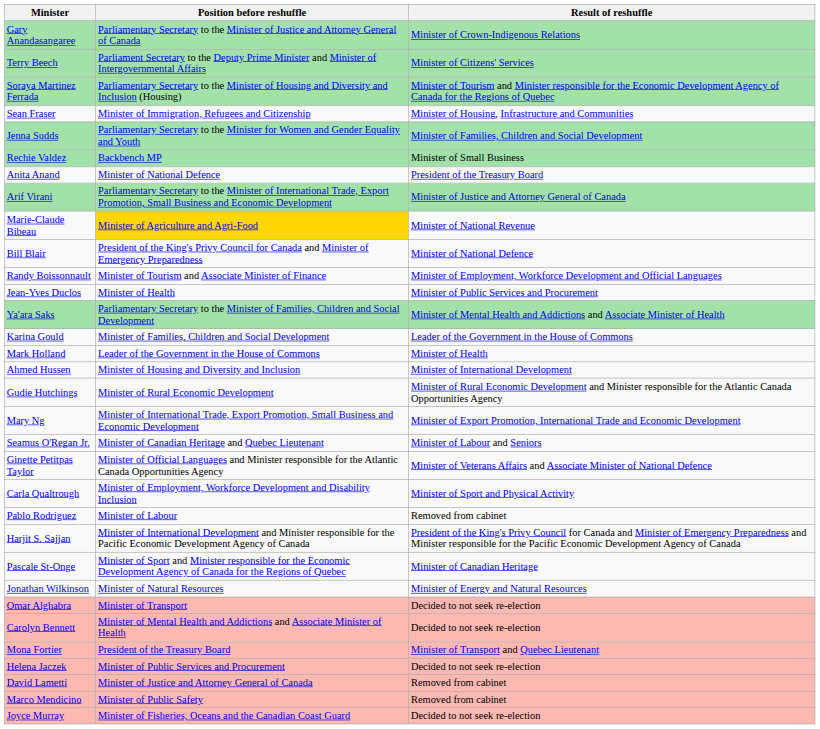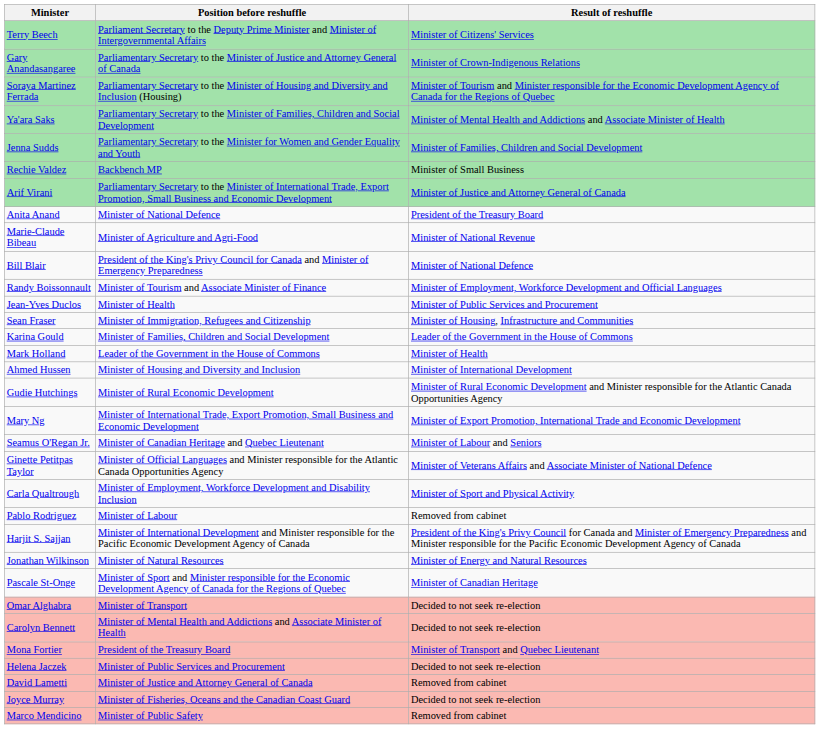 <table class="wikitable">
 <tr>
 <th>Minister</th>
 <th>Position before reshuffle</th>
 <th>Result of reshuffle</th>
 </tr>
 <tr style="background:#A2E2AA;">
+<td><a href='#'>Terry Beech</a></td>
+<td><a href='#'>Parliament Secretary</a> to the <a href='#'>Deputy Prime Minister</a> and <a href='#'>Minister of Intergovernmental Affairs</a></td>
+<td><a href='#'>Minister of Citizens' Services</a></td>
+</tr>
+<tr style="background:#A2E2AA;">
 <td><a href='#'>Gary Anandasangaree</a></td>
 <td><a href='#'>Parliamentary Secretary</a> to the <a href='#'>Minister of Justice and Attorney General of Canada</a></td>
 <td><a href='#'>Minister of Crown-Indigenous Relations</a></td>
-</tr>
-<tr style="background:#A2E2AA;">
-<td><a href='#'>Terry Beech</a></td>
-<td><a href='#'>Parliament Secretary</a> to the <a href='#'>Deputy Prime Minister</a> and <a href='#'>Minister of Intergovernmental Affairs</a></td>
-<td><a href='#'>Minister of Citizens' Services</a></td>
 </tr>
 <tr style="background:#A2E2AA;">
 <td><a href='#'>Soraya Martinez Ferrada</a></td>
 <td><a href='#'>Parliamentary Secretary</a> to the <a href='#'>Minister of Housing and Diversity and Inclusion</a> (Housing)</td>
 <td><a href='#'>Minister of Tourism</a> and <a href='#'>Minister responsible for the Economic Development Agency of Canada for the Regions of Quebec</a></td>
 </tr>
-<tr>
-<td><a href='#'>Sean Fraser</a></td>
-<td><a href='#'>Minister of Immigration, Refugees and Citizenship</a></td>
-<td><a href='#'>Minister of Housing</a>, <a href='#'>Infrastructure and Communities</a></td>
+<tr style="background:#A2E2AA;">
+<td><a href='#'>Ya'ara Saks</a></td>
+<td><a href='#'>Parliamentary Secretary</a> to the <a href='#'>Minister of Families, Children and Social Development</a></td>
+<td><a href='#'>Minister of Mental Health and Addictions</a> and <a href='#'>Associate Minister of Health</a></td>
 </tr>
 <tr style="background:#A2E2AA;">
 <td><a href='#'>Jenna Sudds</a></td>
 <td><a href='#'>Parliamentary Secretary</a> to the <a href='#'>Minister for Women and Gender Equality and Youth</a></td>
 <td><a href='#'>Minister of Families, Children and Social Development</a></td>
 </tr>
 <tr style="background:#A2E2AA;">
 <td><a href='#'>Rechie Valdez</a></td>
 <td><a href='#'>Backbench MP</a></td>
 <td>Minister of Small Business</td>
 </tr>
-<tr>
-<td><a href='#'>Anita Anand</a></td>
-<td><a href='#'>Minister of National Defence</a></td>
-<td><a href='#'>President of the Treasury Board</a></td>
-</tr>
 <tr style="background:#A2E2AA;">
 <td><a href='#'>Arif Virani</a></td>
 <td><a href='#'>Parliamentary Secretary</a> to the <a href='#'>Minister of International Trade, Export Promotion, Small Business and Economic Development</a></td>
 <td><a href='#'>Minister of Justice and Attorney General of Canada</a></td>
 </tr>
 <tr>
+<td><a href='#'>Anita Anand</a></td>
+<td><a href='#'>Minister of National Defence</a></td>
+<td><a href='#'>President of the Treasury Board</a></td>
+</tr>
+<tr>
 <td><a href='#'>Marie-Claude Bibeau</a></td>
-<td style="background: gold;"><a href='#'>Minister of Agriculture and Agri-Food</a></td>
+<td><a href='#'>Minister of Agriculture and Agri-Food</a></td>
 <td><a href='#'>Minister of National Revenue</a></td>
 </tr>
 <tr>
 <td><a href='#'>Bill Blair</a></td>
 <td><a href='#'>President of the King's Privy Council for Canada</a> and <a href='#'>Minister of Emergency Preparedness</a></td>
 <td><a href='#'>Minister of National Defence</a></td>
 </tr>
 <tr>
 <td><a href='#'>Randy Boissonnault</a></td>
 <td><a href='#'>Minister of Tourism</a> and <a href='#'>Associate Minister of Finance</a></td>
 <td><a href='#'>Minister of Employment, Workforce Development and Official Languages</a></td>
 </tr>
 <tr>
 <td><a href='#'>Jean-Yves Duclos</a></td>
 <td><a href='#'>Minister of Health</a></td>
 <td><a href='#'>Minister of Public Services and Procurement</a></td>
 </tr>
-<tr style="background:#A2E2AA;">
-<td><a href='#'>Ya'ara Saks</a></td>
-<td><a href='#'>Parliamentary Secretary</a> to the <a href='#'>Minister of Families, Children and Social Development</a></td>
-<td><a href='#'>Minister of Mental Health and Addictions</a> and <a href='#'>Associate Minister of Health</a></td>
+<tr>
+<td><a href='#'>Sean Fraser</a></td>
+<td><a href='#'>Minister of Immigration, Refugees and Citizenship</a></td>
+<td><a href='#'>Minister of Housing</a>, <a href='#'>Infrastructure and Communities</a></td>
 </tr>
 <tr>
 <td><a href='#'>Karina Gould</a></td>
 <td><a href='#'>Minister of Families, Children and Social Development</a></td>
 <td><a href='#'>Leader of the Government in the House of Commons</a></td>
 </tr>
 <tr>
 <td><a href='#'>Mark Holland</a></td>
 <td><a href='#'>Leader of the Government in the House of Commons</a></td>
 <td><a href='#'>Minister of Health</a></td>
 </tr>
 <tr>
 <td><a href='#'>Ahmed Hussen</a></td>
 <td><a href='#'>Minister of Housing and Diversity and Inclusion</a></td>
 <td><a href='#'>Minister of International Development</a></td>
 </tr>
 <tr>
 <td><a href='#'>Gudie Hutchings</a></td>
 <td><a href='#'>Minister of Rural Economic Development</a></td>
 <td><a href='#'>Minister of Rural Economic Development</a> and Minister responsible for the Atlantic Canada Opportunities Agency</td>
 </tr>
 <tr>
 <td><a href='#'>Mary Ng</a></td>
 <td><a href='#'>Minister of International Trade, Export Promotion, Small Business and Economic Development</a></td>
 <td><a href='#'>Minister of Export Promotion, International Trade and Economic Development</a></td>
 </tr>
 <tr>
 <td><a href='#'>Seamus O'Regan Jr.</a></td>
 <td><a href='#'>Minister of Canadian Heritage</a> and <a href='#'>Quebec Lieutenant</a></td>
 <td><a href='#'>Minister of Labour</a> and <a href='#'>Seniors</a></td>
 </tr>
 <tr>
 <td><a href='#'>Ginette Petitpas Taylor</a></td>
 <td><a href='#'>Minister of Official Languages</a> and Minister responsible for the Atlantic Canada Opportunities Agency</td>
 <td><a href='#'>Minister of Veterans Affairs</a> and <a href='#'>Associate Minister of National Defence</a></td>
 </tr>
 <tr>
 <td><a href='#'>Carla Qualtrough</a></td>
 <td><a href='#'>Minister of Employment, Workforce Development and Disability Inclusion</a></td>
 <td><a href='#'>Minister of Sport and Physical Activity</a></td>
 </tr>
 <tr>
 <td><a href='#'>Pablo Rodriguez</a></td>
 <td><a href='#'>Minister of Labour</a></td>
 <td>Removed from cabinet</td>
 </tr>
 <tr>
 <td><a href='#'>Harjit S. Sajjan</a></td>
 <td><a href='#'>Minister of International Development</a> and Minister responsible for the Pacific Economic Development Agency of Canada</td>
 <td><a href='#'>President of the King's Privy Council</a> for Canada and <a href='#'>Minister of Emergency Preparedness</a> and Minister responsible for the Pacific Economic Development Agency of Canada</td>
 </tr>
 <tr>
+<td><a href='#'>Jonathan Wilkinson</a></td>
+<td><a href='#'>Minister of Natural Resources</a></td>
+<td><a href='#'>Minister of Energy and Natural Resources</a></td>
+</tr>
+<tr>
 <td><a href='#'>Pascale St-Onge</a></td>
 <td><a href='#'>Minister of Sport</a> and <a href='#'>Minister responsible for the Economic Development Agency of Canada for the Regions of Quebec</a></td>
 <td><a href='#'>Minister of Canadian Heritage</a></td>
-</tr>
-<tr>
-<td><a href='#'>Jonathan Wilkinson</a></td>
-<td><a href='#'>Minister of Natural Resources</a></td>
-<td><a href='#'>Minister of Energy and Natural Resources</a></td>
 </tr>
 <tr style="background:#FBB9B2;">
 <td><a href='#'>Omar Alghabra</a></td>
 <td><a href='#'>Minister of Transport</a></td>
 <td>Decided to not seek re-election</td>
 </tr>
 <tr style="background:#FBB9B2;">
 <td><a href='#'>Carolyn Bennett</a></td>
 <td><a href='#'>Minister of Mental Health and Addictions</a> and <a href='#'>Associate Minister of Health</a></td>
 <td>Decided to not seek re-election</td>
 </tr>
 <tr style="background:#FBB9B2;">
 <td><a href='#'>Mona Fortier</a></td>
 <td><a href='#'>President of the Treasury Board</a></td>
 <td><a href='#'>Minister of Transport</a> and <a href='#'>Quebec Lieutenant</a></td>
 </tr>
 <tr style="background:#FBB9B2;">
 <td><a href='#'>Helena Jaczek</a></td>
 <td><a href='#'>Minister of Public Services and Procurement</a></td>
 <td>Decided to not seek re-election</td>
 </tr>
 <tr style="background:#FBB9B2;">
 <td><a href='#'>David Lametti</a></td>
 <td><a href='#'>Minister of Justice and Attorney General of Canada</a></td>
 <td>Removed from cabinet</td>
 </tr>
 <tr style="background:#FBB9B2;">
+<td><a href='#'>Joyce Murray</a></td>
+<td><a href='#'>Minister of Fisheries, Oceans and the Canadian Coast Guard</a></td>
+<td>Decided to not seek re-election</td>
+</tr>
+<tr style="background:#FBB9B2;">
 <td><a href='#'>Marco Mendicino</a></td>
 <td><a href='#'>Minister of Public Safety</a></td>
 <td>Removed from cabinet</td>
 </tr>
-<tr style="background:#FBB9B2;">
-<td><a href='#'>Joyce Murray</a></td>
-<td><a href='#'>Minister of Fisheries, Oceans and the Canadian Coast Guard</a></td>
-<td>Decided to not seek re-election</td>
-</tr>
 </table>
